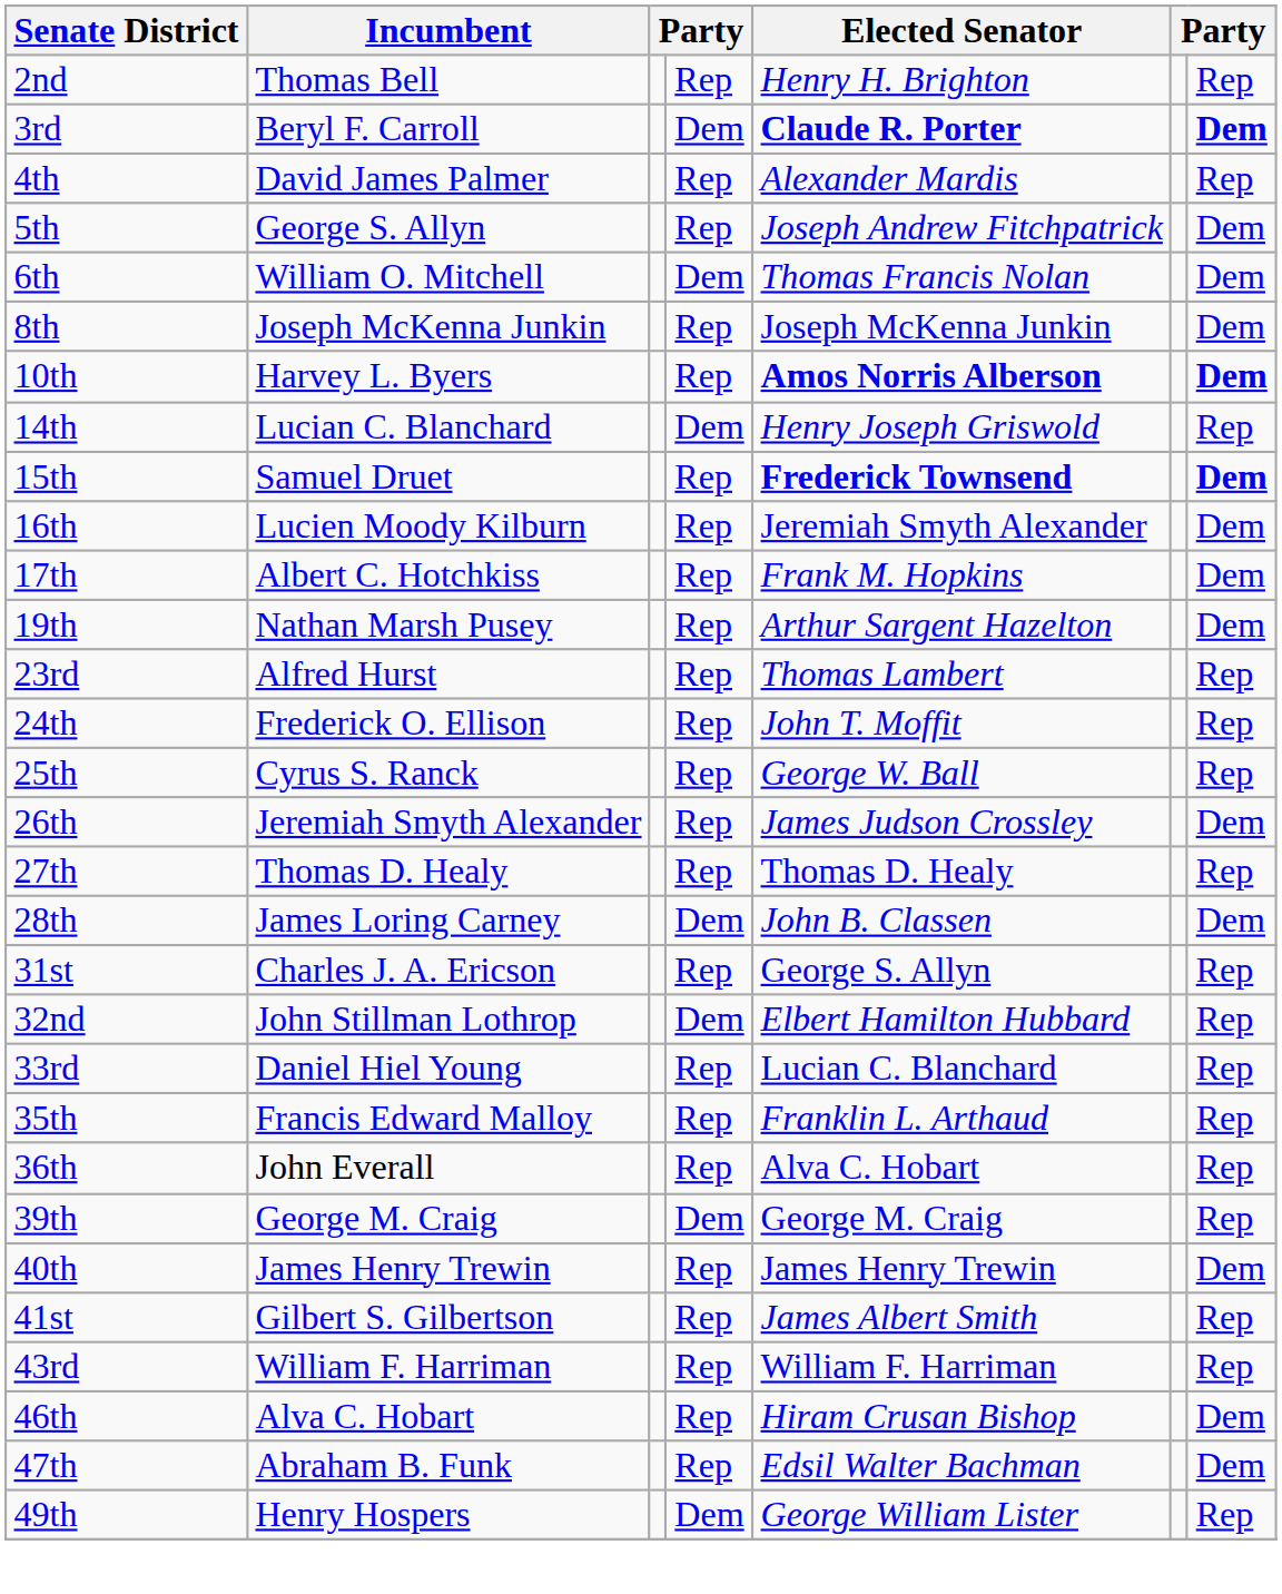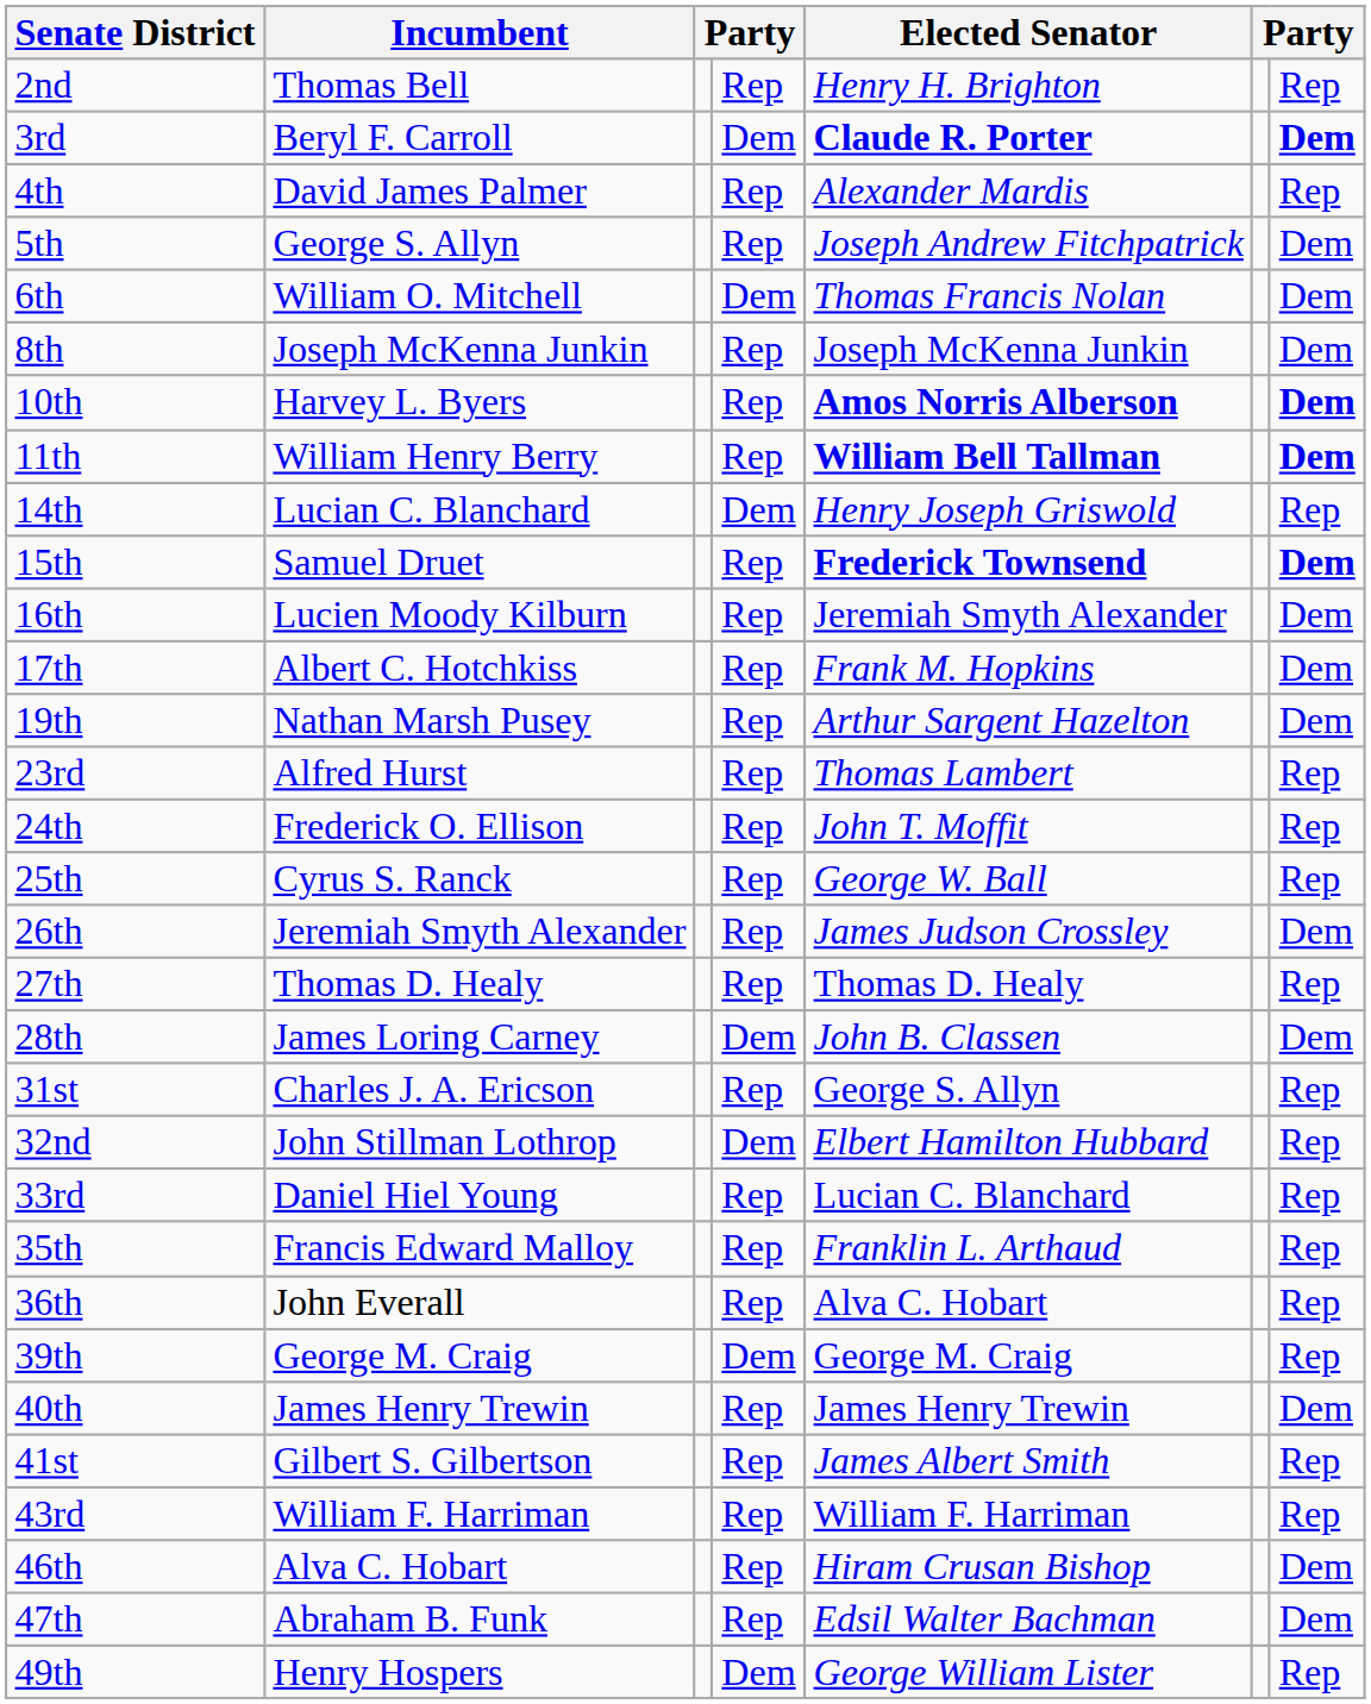 <table class="sortable wikitable" style="font-size:95%;line-height:14px;">
 <tr>
 <th class="sortable"><a href='#'>Senate</a> District</th>
 <th class="sortable"><a href='#'>Incumbent</a></th>
 <th colspan="2">Party</th>
 <th class="sortable">Elected Senator</th>
 <th colspan="2">Party</th>
 </tr>
 <tr>
 <td><a href='#'>2nd</a></td>
 <td><a href='#'>Thomas Bell</a></td>
 <td style="background:"></td>
 <td><a href='#'>Rep</a></td>
 <td><em><a href='#'>Henry H. Brighton</a></em></td>
 <td style="background:"></td>
 <td><a href='#'>Rep</a></td>
 </tr>
 <tr>
 <td><a href='#'>3rd</a></td>
 <td><a href='#'>Beryl F. Carroll</a></td>
 <td style="background:"></td>
 <td><a href='#'>Dem</a></td>
 <td><strong><a href='#'>Claude R. Porter</a></strong></td>
 <td style="background:"></td>
 <td><strong><a href='#'>Dem</a></strong></td>
 </tr>
 <tr>
 <td><a href='#'>4th</a></td>
 <td><a href='#'>David James Palmer</a></td>
 <td style="background:"></td>
 <td><a href='#'>Rep</a></td>
 <td><em><a href='#'>Alexander Mardis</a></em></td>
 <td style="background:"></td>
 <td><a href='#'>Rep</a></td>
 </tr>
 <tr>
 <td><a href='#'>5th</a></td>
 <td><a href='#'>George S. Allyn</a></td>
 <td style="background:"></td>
 <td><a href='#'>Rep</a></td>
 <td><em><a href='#'>Joseph Andrew Fitchpatrick</a></em></td>
 <td style="background:"></td>
 <td><a href='#'>Dem</a></td>
 </tr>
 <tr>
 <td><a href='#'>6th</a></td>
 <td><a href='#'>William O. Mitchell</a></td>
 <td style="background:"></td>
 <td><a href='#'>Dem</a></td>
 <td><em><a href='#'>Thomas Francis Nolan</a></em></td>
 <td style="background:"></td>
 <td><a href='#'>Dem</a></td>
 </tr>
 <tr>
 <td><a href='#'>8th</a></td>
 <td><a href='#'>Joseph McKenna Junkin</a></td>
 <td style="background:"></td>
 <td><a href='#'>Rep</a></td>
 <td><a href='#'>Joseph McKenna Junkin</a></td>
 <td style="background:"></td>
 <td><a href='#'>Dem</a></td>
 </tr>
 <tr>
 <td><a href='#'>10th</a></td>
 <td><a href='#'>Harvey L. Byers</a></td>
 <td style="background:"></td>
 <td><a href='#'>Rep</a></td>
 <td><strong><a href='#'>Amos Norris Alberson</a></strong></td>
+<td style="background:"></td>
+<td><strong><a href='#'>Dem</a></strong></td>
+</tr>
+<tr>
+<td><a href='#'>11th</a></td>
+<td><a href='#'>William Henry Berry</a></td>
+<td style="background:"></td>
+<td><a href='#'>Rep</a></td>
+<td><strong><a href='#'>William Bell Tallman</a></strong></td>
 <td style="background:"></td>
 <td><strong><a href='#'>Dem</a></strong></td>
 </tr>
 <tr>
 <td><a href='#'>14th</a></td>
 <td><a href='#'>Lucian C. Blanchard</a></td>
 <td style="background:"></td>
 <td><a href='#'>Dem</a></td>
 <td><em><a href='#'>Henry Joseph Griswold</a></em></td>
 <td style="background:"></td>
 <td><a href='#'>Rep</a></td>
 </tr>
 <tr>
 <td><a href='#'>15th</a></td>
 <td><a href='#'>Samuel Druet</a></td>
 <td style="background:"></td>
 <td><a href='#'>Rep</a></td>
 <td><strong><a href='#'>Frederick Townsend</a></strong></td>
 <td style="background:"></td>
 <td><strong><a href='#'>Dem</a></strong></td>
 </tr>
 <tr>
 <td><a href='#'>16th</a></td>
 <td><a href='#'>Lucien Moody Kilburn</a></td>
 <td style="background:"></td>
 <td><a href='#'>Rep</a></td>
 <td><a href='#'>Jeremiah Smyth Alexander</a></td>
 <td style="background:"></td>
 <td><a href='#'>Dem</a></td>
 </tr>
 <tr>
 <td><a href='#'>17th</a></td>
 <td><a href='#'>Albert C. Hotchkiss</a></td>
 <td style="background:"></td>
 <td><a href='#'>Rep</a></td>
 <td><em><a href='#'>Frank M. Hopkins</a></em></td>
 <td style="background:"></td>
 <td><a href='#'>Dem</a></td>
 </tr>
 <tr>
 <td><a href='#'>19th</a></td>
 <td><a href='#'>Nathan Marsh Pusey</a></td>
 <td style="background:"></td>
 <td><a href='#'>Rep</a></td>
 <td><em><a href='#'>Arthur Sargent Hazelton</a></em></td>
 <td style="background:"></td>
 <td><a href='#'>Dem</a></td>
 </tr>
 <tr>
 <td><a href='#'>23rd</a></td>
 <td><a href='#'>Alfred Hurst</a></td>
 <td style="background:"></td>
 <td><a href='#'>Rep</a></td>
 <td><em><a href='#'>Thomas Lambert</a></em></td>
 <td style="background:"></td>
 <td><a href='#'>Rep</a></td>
 </tr>
 <tr>
 <td><a href='#'>24th</a></td>
 <td><a href='#'>Frederick O. Ellison</a></td>
 <td style="background:"></td>
 <td><a href='#'>Rep</a></td>
 <td><em><a href='#'>John T. Moffit</a></em></td>
 <td style="background:"></td>
 <td><a href='#'>Rep</a></td>
 </tr>
 <tr>
 <td><a href='#'>25th</a></td>
 <td><a href='#'>Cyrus S. Ranck</a></td>
 <td style="background:"></td>
 <td><a href='#'>Rep</a></td>
 <td><em><a href='#'>George W. Ball</a></em></td>
 <td style="background:"></td>
 <td><a href='#'>Rep</a></td>
 </tr>
 <tr>
 <td><a href='#'>26th</a></td>
 <td><a href='#'>Jeremiah Smyth Alexander</a></td>
 <td style="background:"></td>
 <td><a href='#'>Rep</a></td>
 <td><em><a href='#'>James Judson Crossley</a></em></td>
 <td style="background:"></td>
 <td><a href='#'>Dem</a></td>
 </tr>
 <tr>
 <td><a href='#'>27th</a></td>
 <td><a href='#'>Thomas D. Healy</a></td>
 <td style="background:"></td>
 <td><a href='#'>Rep</a></td>
 <td><a href='#'>Thomas D. Healy</a></td>
 <td style="background:"></td>
 <td><a href='#'>Rep</a></td>
 </tr>
 <tr>
 <td><a href='#'>28th</a></td>
 <td><a href='#'>James Loring Carney</a></td>
 <td style="background:"></td>
 <td><a href='#'>Dem</a></td>
 <td><em><a href='#'>John B. Classen</a></em></td>
 <td style="background:"></td>
 <td><a href='#'>Dem</a></td>
 </tr>
 <tr>
 <td><a href='#'>31st</a></td>
 <td><a href='#'>Charles J. A. Ericson</a></td>
 <td style="background:"></td>
 <td><a href='#'>Rep</a></td>
 <td><a href='#'>George S. Allyn</a></td>
 <td style="background:"></td>
 <td><a href='#'>Rep</a></td>
 </tr>
 <tr>
 <td><a href='#'>32nd</a></td>
 <td><a href='#'>John Stillman Lothrop</a></td>
 <td style="background:"></td>
 <td><a href='#'>Dem</a></td>
 <td><em><a href='#'>Elbert Hamilton Hubbard</a></em></td>
 <td style="background:"></td>
 <td><a href='#'>Rep</a></td>
 </tr>
 <tr>
 <td><a href='#'>33rd</a></td>
 <td><a href='#'>Daniel Hiel Young</a></td>
 <td style="background:"></td>
 <td><a href='#'>Rep</a></td>
 <td><a href='#'>Lucian C. Blanchard</a></td>
 <td style="background:"></td>
 <td><a href='#'>Rep</a></td>
 </tr>
 <tr>
 <td><a href='#'>35th</a></td>
 <td><a href='#'>Francis Edward Malloy</a></td>
 <td style="background:"></td>
 <td><a href='#'>Rep</a></td>
 <td><em><a href='#'>Franklin L. Arthaud</a></em></td>
 <td style="background:"></td>
 <td><a href='#'>Rep</a></td>
 </tr>
 <tr>
 <td><a href='#'>36th</a></td>
 <td>John Everall</td>
 <td style="background:"></td>
 <td><a href='#'>Rep</a></td>
 <td><a href='#'>Alva C. Hobart</a></td>
 <td style="background:"></td>
 <td><a href='#'>Rep</a></td>
 </tr>
 <tr>
 <td><a href='#'>39th</a></td>
 <td><a href='#'>George M. Craig</a></td>
 <td style="background:"></td>
 <td><a href='#'>Dem</a></td>
 <td><a href='#'>George M. Craig</a></td>
 <td style="background:"></td>
 <td><a href='#'>Rep</a></td>
 </tr>
 <tr>
 <td><a href='#'>40th</a></td>
 <td><a href='#'>James Henry Trewin</a></td>
 <td style="background:"></td>
 <td><a href='#'>Rep</a></td>
 <td><a href='#'>James Henry Trewin</a></td>
 <td style="background:"></td>
 <td><a href='#'>Dem</a></td>
 </tr>
 <tr>
 <td><a href='#'>41st</a></td>
 <td><a href='#'>Gilbert S. Gilbertson</a></td>
 <td style="background:"></td>
 <td><a href='#'>Rep</a></td>
 <td><em><a href='#'>James Albert Smith</a></em></td>
 <td style="background:"></td>
 <td><a href='#'>Rep</a></td>
 </tr>
 <tr>
 <td><a href='#'>43rd</a></td>
 <td><a href='#'>William F. Harriman</a></td>
 <td style="background:"></td>
 <td><a href='#'>Rep</a></td>
 <td><a href='#'>William F. Harriman</a></td>
 <td style="background:"></td>
 <td><a href='#'>Rep</a></td>
 </tr>
 <tr>
 <td><a href='#'>46th</a></td>
 <td><a href='#'>Alva C. Hobart</a></td>
 <td style="background:"></td>
 <td><a href='#'>Rep</a></td>
 <td><em><a href='#'>Hiram Crusan Bishop</a></em></td>
 <td style="background:"></td>
 <td><a href='#'>Dem</a></td>
 </tr>
 <tr>
 <td><a href='#'>47th</a></td>
 <td><a href='#'>Abraham B. Funk</a></td>
 <td style="background:"></td>
 <td><a href='#'>Rep</a></td>
 <td><em><a href='#'>Edsil Walter Bachman</a></em></td>
 <td style="background:"></td>
 <td><a href='#'>Dem</a></td>
 </tr>
 <tr>
 <td><a href='#'>49th</a></td>
 <td><a href='#'>Henry Hospers</a></td>
 <td style="background:"></td>
 <td><a href='#'>Dem</a></td>
 <td><em><a href='#'>George William Lister</a></em></td>
 <td style="background:"></td>
 <td><a href='#'>Rep</a></td>
 </tr>
 <tr>
 </tr>
 </table>
